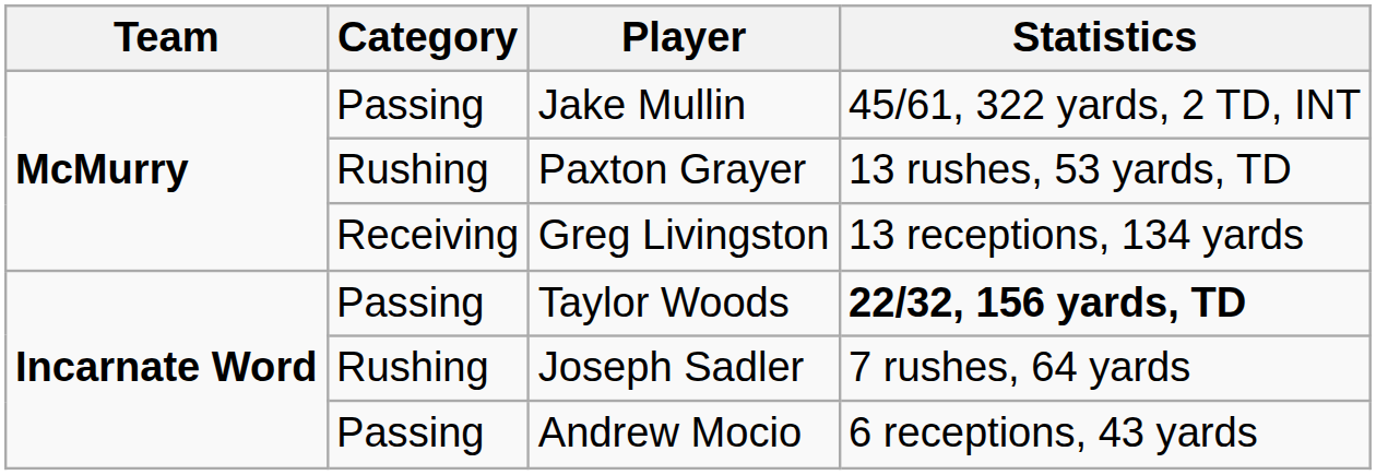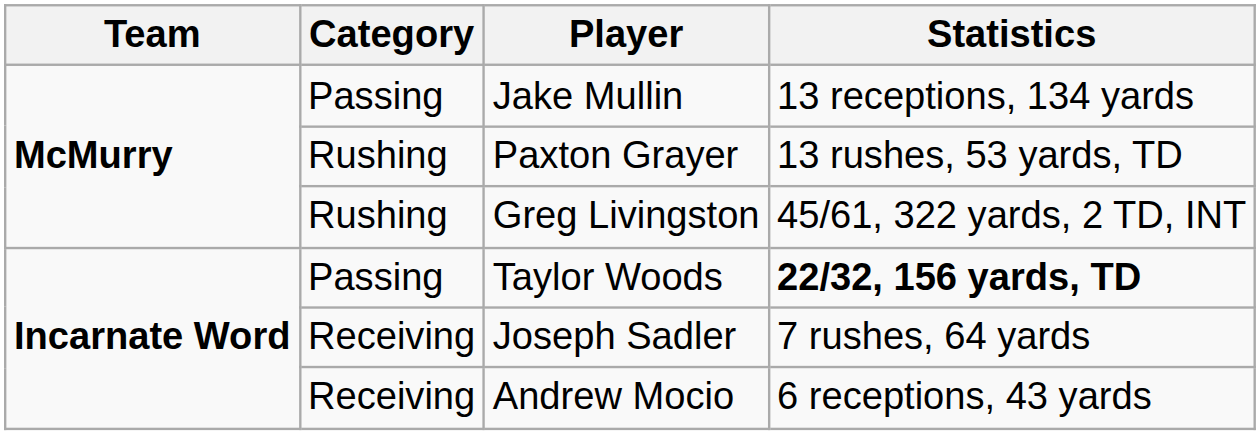 <table class="wikitable" style="float: left;">
 <tr>
 <th>Team</th>
 <th>Category</th>
 <th>Player</th>
 <th>Statistics</th>
 </tr>
 <tr>
 <td rowspan=3><strong>McMurry</strong></td>
 <td>Passing</td>
 <td>Jake Mullin</td>
-<td>45/61, 322 yards, 2 TD, INT</td>
+<td>13 receptions, 134 yards</td>
 </tr>
 <tr>
 <td>Rushing</td>
 <td>Paxton Grayer</td>
 <td>13 rushes, 53 yards, TD</td>
 </tr>
 <tr>
-<td>Receiving</td>
+<td>Rushing</td>
 <td>Greg Livingston</td>
-<td>13 receptions, 134 yards</td>
+<td>45/61, 322 yards, 2 TD, INT</td>
 </tr>
 <tr>
 <td rowspan=3><strong>Incarnate Word</strong></td>
 <td>Passing</td>
 <td>Taylor Woods</td>
 <td><strong>22/32, 156 yards, TD</strong></td>
 </tr>
 <tr>
-<td>Rushing</td>
+<td>Receiving</td>
 <td>Joseph Sadler</td>
 <td>7 rushes, 64 yards</td>
 </tr>
 <tr>
-<td>Passing</td>
+<td>Receiving</td>
 <td>Andrew Mocio</td>
 <td>6 receptions, 43 yards</td>
 </tr>
 </table>
